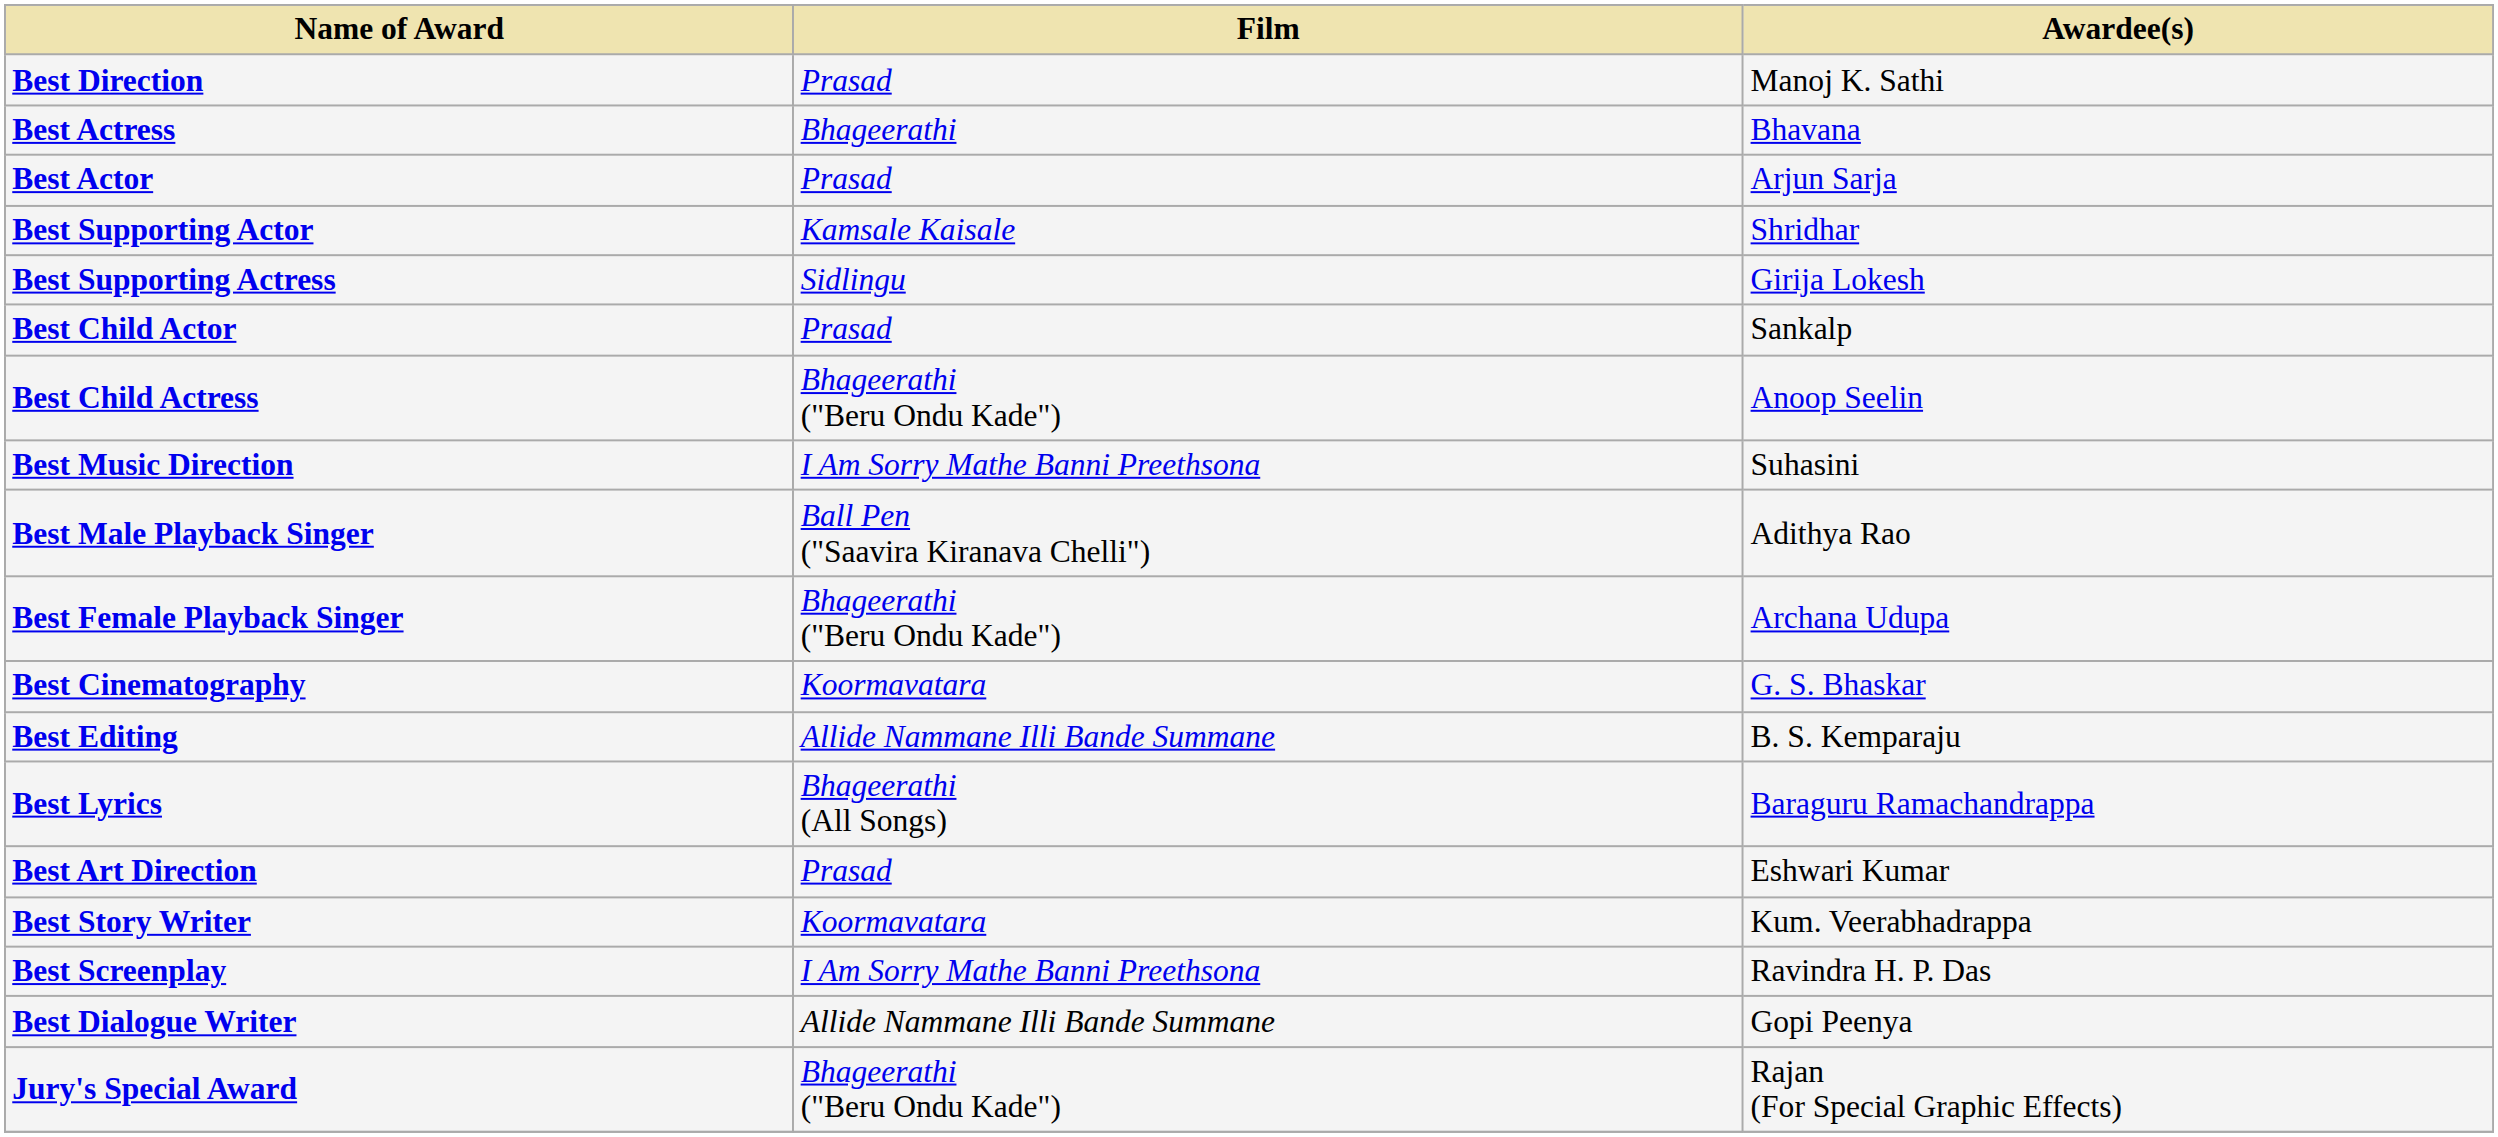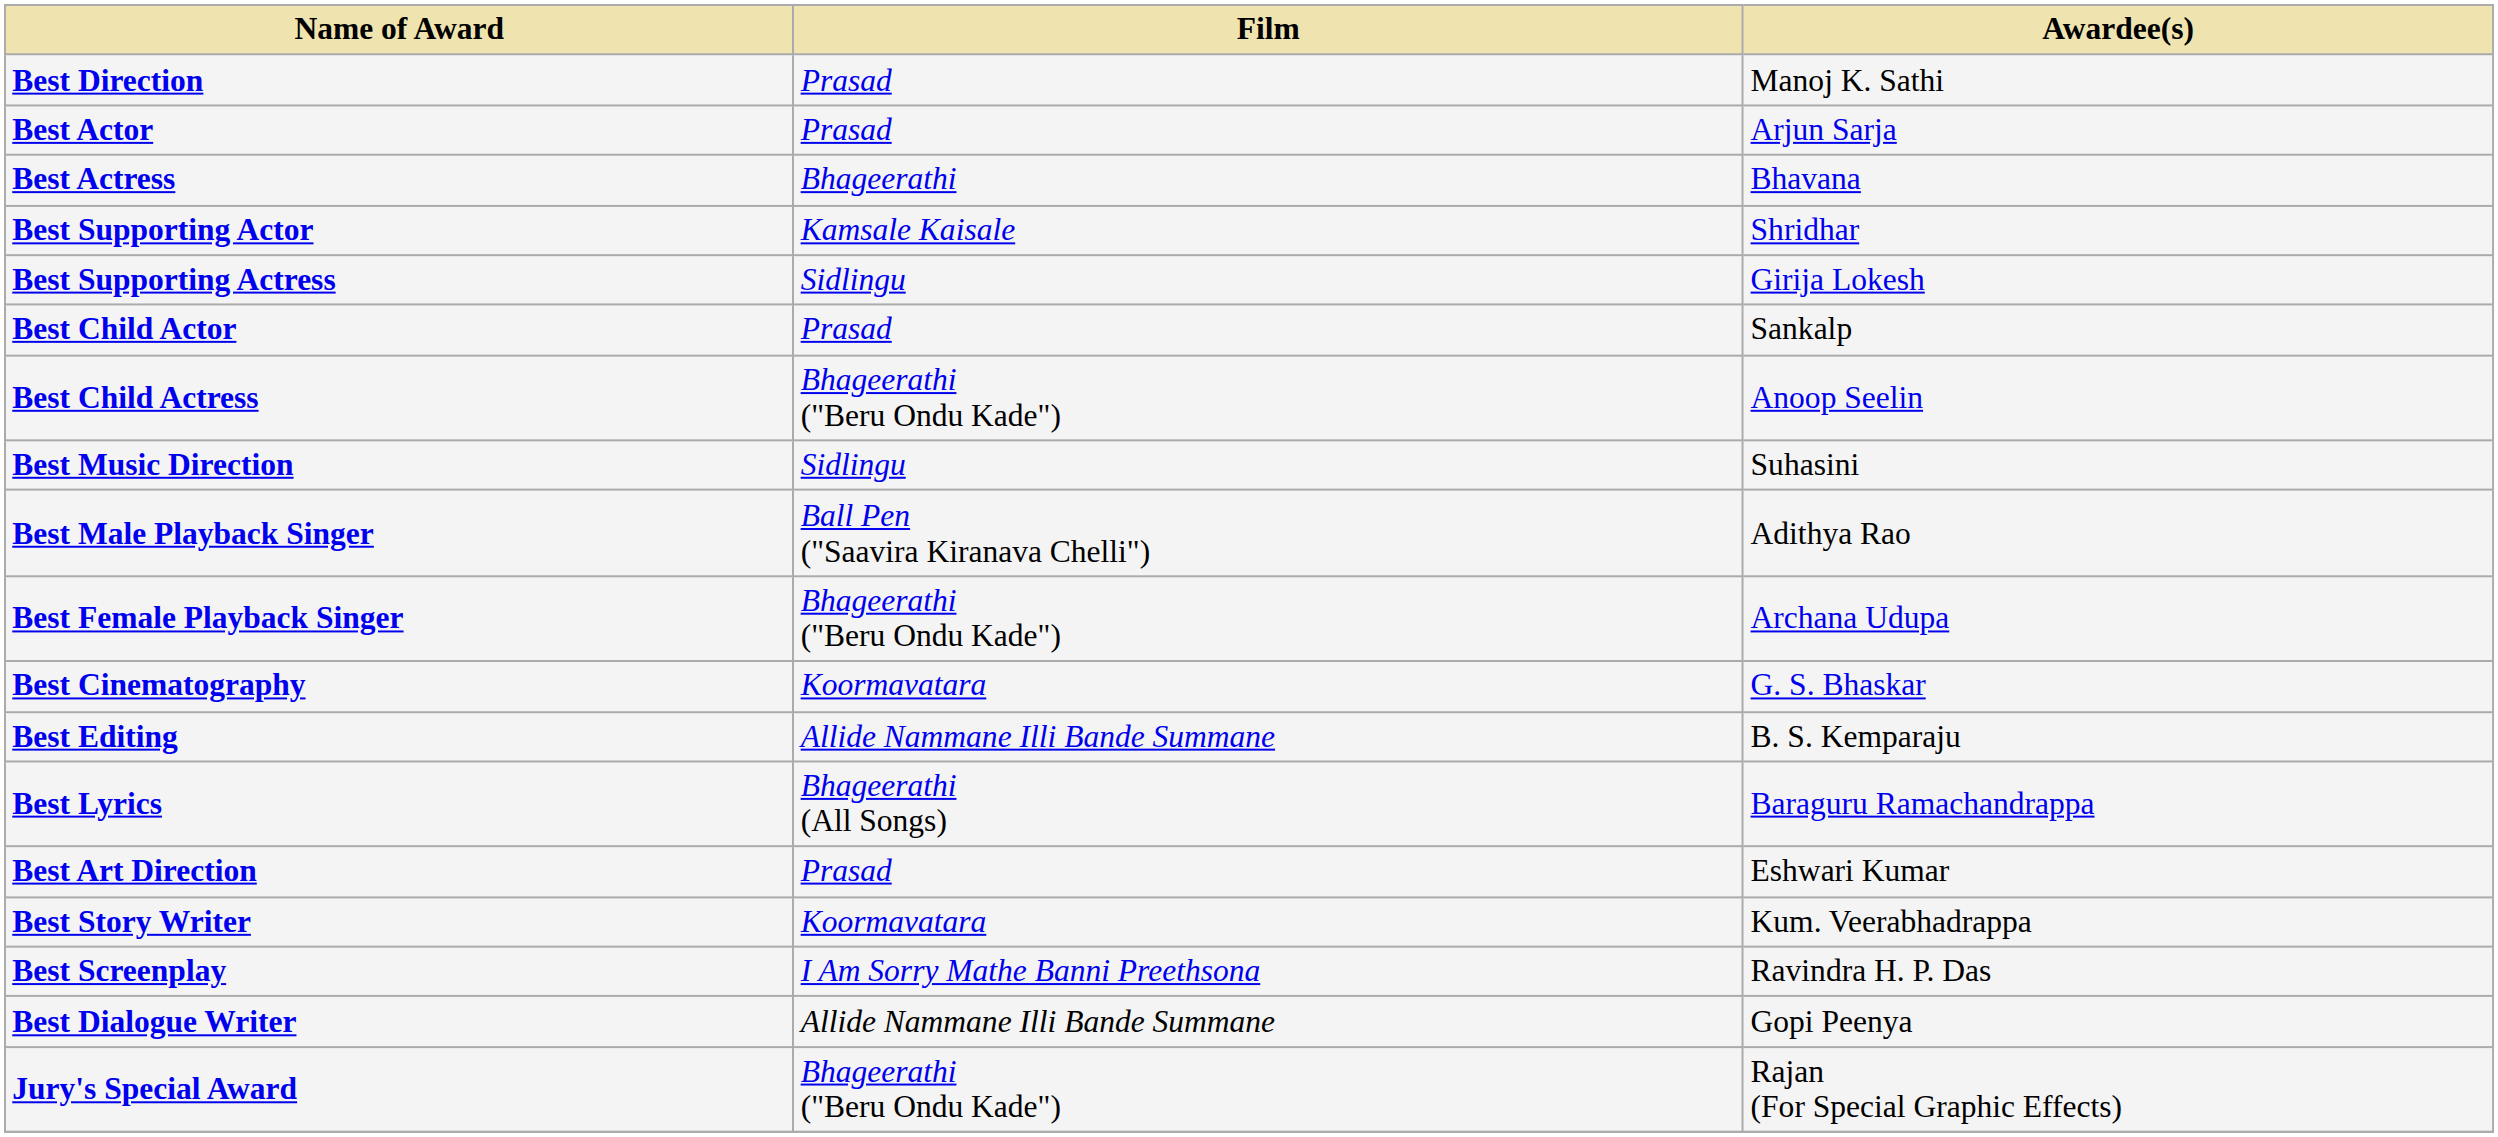 <table class="wikitable" style="width:100%;">
 <tr>
 <th style="background-color:#EFE4B0;">Name of Award</th>
 <th style="background-color:#EFE4B0;">Film</th>
 <th style="background-color:#EFE4B0;">Awardee(s)</th>
 </tr>
 <tr style="background-color:#F4F4F4">
 <td><strong><a href='#'>Best Direction</a></strong></td>
 <td><em><a href='#'>Prasad</a></em></td>
 <td>Manoj K. Sathi</td>
 </tr>
 <tr style="background-color:#F4F4F4">
+<td><strong><a href='#'>Best Actor</a></strong></td>
+<td><em><a href='#'>Prasad</a></em></td>
+<td><a href='#'>Arjun Sarja</a></td>
+</tr>
+<tr style="background-color:#F4F4F4">
 <td><strong><a href='#'>Best Actress</a></strong></td>
 <td><em><a href='#'>Bhageerathi</a></em></td>
 <td><a href='#'>Bhavana</a></td>
-</tr>
-<tr style="background-color:#F4F4F4">
-<td><strong><a href='#'>Best Actor</a></strong></td>
-<td><em><a href='#'>Prasad</a></em></td>
-<td><a href='#'>Arjun Sarja</a></td>
 </tr>
 <tr style="background-color:#F4F4F4">
 <td><strong><a href='#'>Best Supporting Actor</a></strong></td>
 <td><em><a href='#'>Kamsale Kaisale</a></em></td>
 <td><a href='#'>Shridhar</a></td>
 </tr>
 <tr style="background-color:#F4F4F4">
 <td><strong><a href='#'>Best Supporting Actress</a></strong></td>
 <td><em><a href='#'>Sidlingu</a></em></td>
 <td><a href='#'>Girija Lokesh</a></td>
 </tr>
 <tr style="background-color:#F4F4F4">
 <td><strong><a href='#'>Best Child Actor</a></strong></td>
 <td><em><a href='#'>Prasad</a></em></td>
 <td>Sankalp</td>
 </tr>
 <tr style="background-color:#F4F4F4">
 <td><strong><a href='#'>Best Child Actress</a></strong></td>
 <td><em><a href='#'>Bhageerathi</a></em><br>("Beru Ondu Kade")</td>
 <td><a href='#'>Anoop Seelin</a></td>
 </tr>
 <tr style="background-color:#F4F4F4">
 <td><strong><a href='#'>Best Music Direction</a></strong></td>
-<td><em><a href='#'>I Am Sorry Mathe Banni Preethsona</a></em></td>
+<td><em><a href='#'>Sidlingu</a></em></td>
 <td>Suhasini</td>
 </tr>
 <tr style="background-color:#F4F4F4">
 <td><strong><a href='#'>Best Male Playback Singer</a></strong></td>
 <td><em><a href='#'>Ball Pen</a></em> <br>("Saavira Kiranava Chelli")</td>
 <td>Adithya Rao</td>
 </tr>
 <tr style="background-color:#F4F4F4">
 <td><strong><a href='#'>Best Female Playback Singer</a></strong></td>
 <td><em><a href='#'>Bhageerathi</a></em><br>("Beru Ondu Kade")</td>
 <td><a href='#'>Archana Udupa</a></td>
 </tr>
 <tr style="background-color:#F4F4F4">
 <td><strong><a href='#'>Best Cinematography</a></strong></td>
 <td><em><a href='#'>Koormavatara</a></em></td>
 <td><a href='#'>G. S. Bhaskar</a></td>
 </tr>
 <tr style="background-color:#F4F4F4">
 <td><strong><a href='#'>Best Editing</a></strong></td>
 <td><em><a href='#'>Allide Nammane Illi Bande Summane</a></em></td>
 <td>B. S. Kemparaju</td>
 </tr>
 <tr style="background-color:#F4F4F4">
 <td><strong><a href='#'>Best Lyrics</a></strong></td>
 <td><em><a href='#'>Bhageerathi</a></em><br>(All Songs)</td>
 <td><a href='#'>Baraguru Ramachandrappa</a></td>
 </tr>
 <tr style="background-color:#F4F4F4">
 <td><strong><a href='#'>Best Art Direction</a></strong></td>
 <td><em><a href='#'>Prasad</a></em></td>
 <td>Eshwari Kumar</td>
 </tr>
 <tr style="background-color:#F4F4F4">
 <td><strong><a href='#'>Best Story Writer</a></strong></td>
 <td><em><a href='#'>Koormavatara</a></em></td>
 <td>Kum. Veerabhadrappa</td>
 </tr>
 <tr style="background-color:#F4F4F4">
 <td><strong><a href='#'>Best Screenplay</a></strong></td>
 <td><em><a href='#'>I Am Sorry Mathe Banni Preethsona</a></em></td>
 <td>Ravindra H. P. Das</td>
 </tr>
 <tr style="background-color:#F4F4F4">
 <td><strong><a href='#'>Best Dialogue Writer</a></strong></td>
 <td><em>Allide Nammane Illi Bande Summane</em></td>
 <td>Gopi Peenya</td>
 </tr>
 <tr style="background-color:#F4F4F4">
 <td><strong><a href='#'>Jury's Special Award</a></strong></td>
 <td><em><a href='#'>Bhageerathi</a></em><br>("Beru Ondu Kade")</td>
 <td>Rajan<br>(For Special Graphic Effects)</td>
 </tr>
 <tr style="background-color:#F4F4F4">
 </tr>
 </table>
